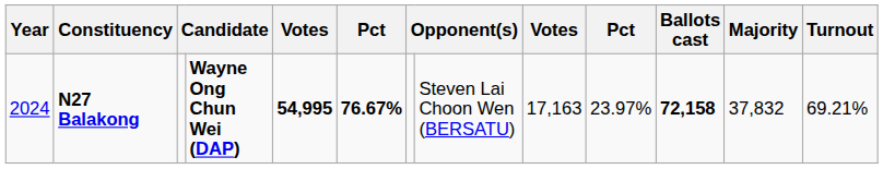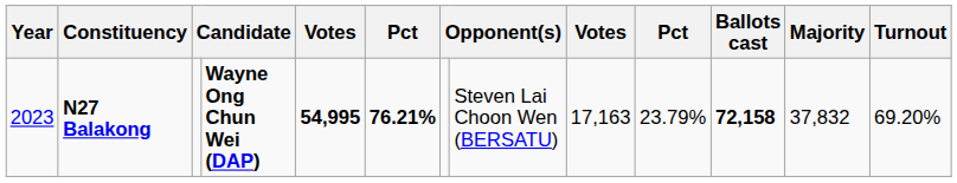 <table class="wikitable" style="margin:0.5em ; font-size:95%">
 <tr>
 <th>Year</th>
 <th>Constituency</th>
 <th colspan="2">Candidate</th>
 <th>Votes</th>
 <th>Pct</th>
 <th colspan="2">Opponent(s)</th>
 <th>Votes</th>
 <th>Pct</th>
 <th>Ballots cast</th>
 <th>Majority</th>
 <th>Turnout</th>
 </tr>
 <tr>
-<td><a href='#'>2024</a></td>
+<td><a href='#'>2023</a></td>
 <td><strong>N27 <a href='#'>Balakong</a></strong></td>
 <td></td>
 <td><strong>Wayne Ong Chun Wei (<a href='#'>DAP</a>)</strong></td>
 <td><strong>54,995</strong></td>
-<td><strong>76.67%</strong></td>
+<td><strong>76.21%</strong></td>
 <td></td>
 <td>Steven Lai Choon Wen (<a href='#'>BERSATU</a>)</td>
 <td>17,163</td>
-<td>23.97%</td>
+<td>23.79%</td>
 <td><strong>72,158</strong></td>
 <td>37,832</td>
-<td>69.21%</td>
+<td>69.20%</td>
 </tr>
 </table>
